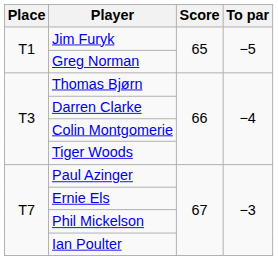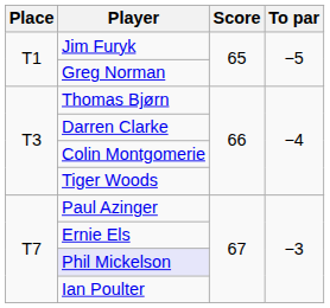 <table class="wikitable">
 <tr>
 <th>Place</th>
 <th>Player</th>
 <th>Score</th>
 <th>To par</th>
 </tr>
 <tr>
 <td rowspan="2" align=center>T1</td>
 <td> <a href='#'>Jim Furyk</a></td>
 <td rowspan="2" align=center>65</td>
 <td rowspan="2" align=center>−5</td>
 </tr>
 <tr>
 <td> <a href='#'>Greg Norman</a></td>
 </tr>
 <tr>
 <td rowspan="4" align=center>T3</td>
 <td> <a href='#'>Thomas Bjørn</a></td>
 <td rowspan="4" align=center>66</td>
 <td rowspan="4" align=center>−4</td>
 </tr>
 <tr>
 <td> <a href='#'>Darren Clarke</a></td>
 </tr>
 <tr>
 <td> <a href='#'>Colin Montgomerie</a></td>
 </tr>
 <tr>
 <td> <a href='#'>Tiger Woods</a></td>
 </tr>
 <tr>
 <td rowspan="4" align=center>T7</td>
 <td> <a href='#'>Paul Azinger</a></td>
 <td rowspan="4" align=center>67</td>
 <td rowspan="4" align=center>−3</td>
 </tr>
 <tr>
 <td> <a href='#'>Ernie Els</a></td>
 </tr>
 <tr>
-<td> <a href='#'>Phil Mickelson</a></td>
+<td style="background: lavender;"> <a href='#'>Phil Mickelson</a></td>
 </tr>
 <tr>
 <td> <a href='#'>Ian Poulter</a></td>
 </tr>
 </table>
